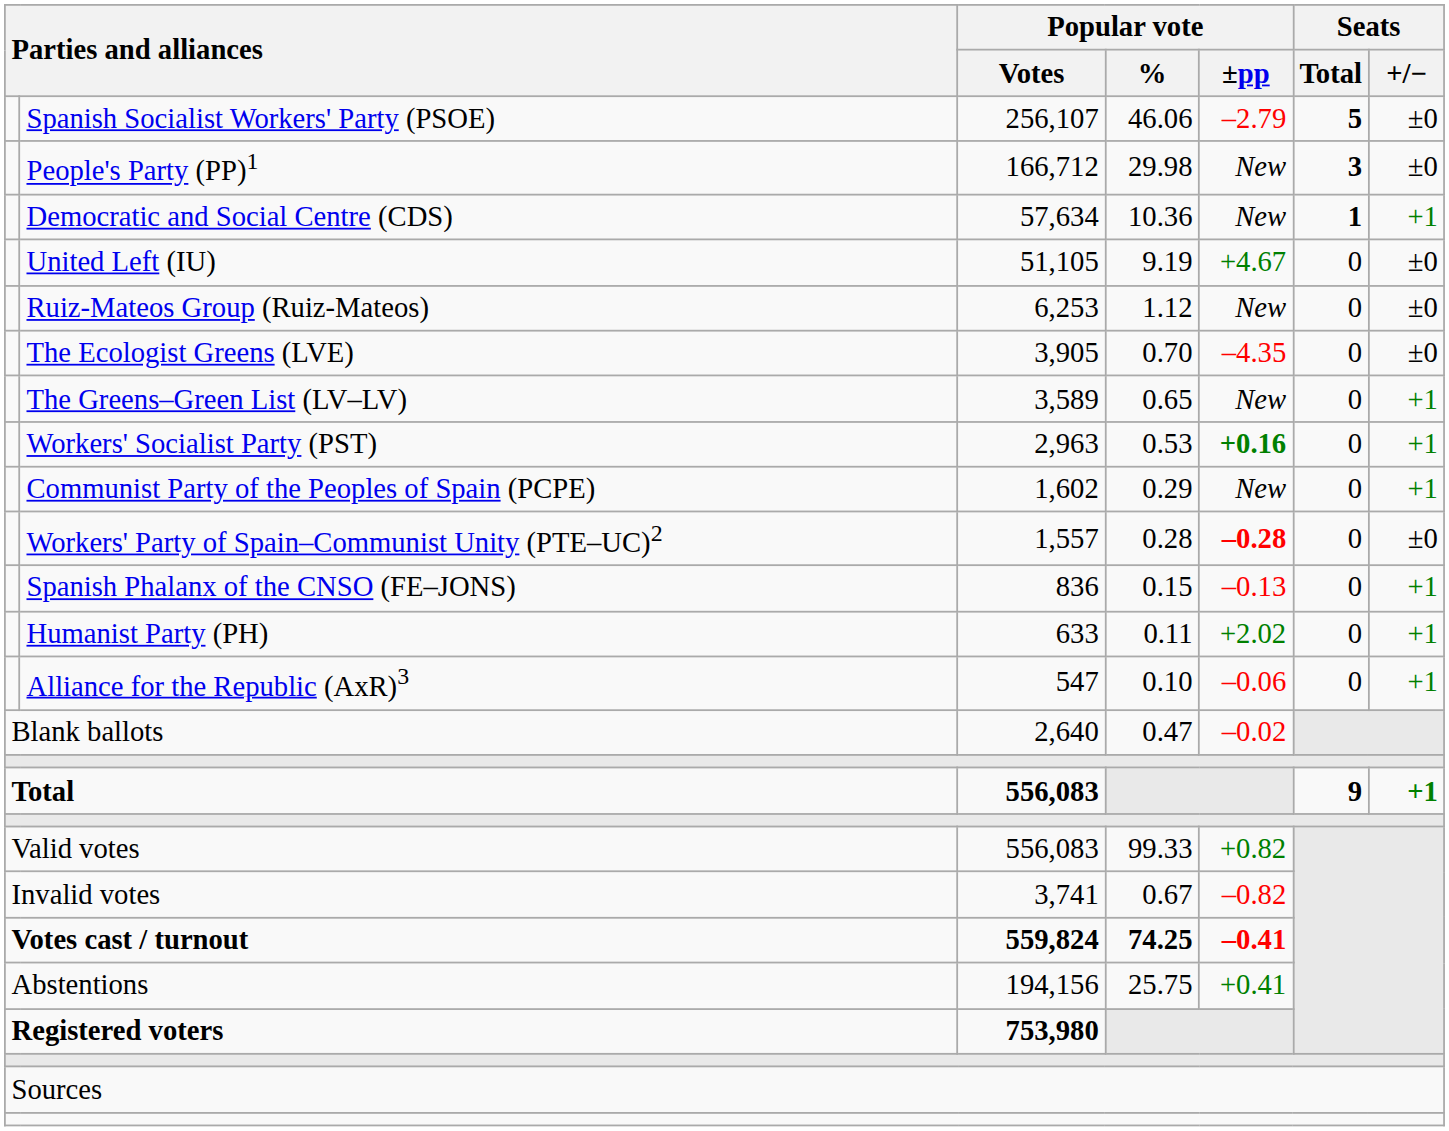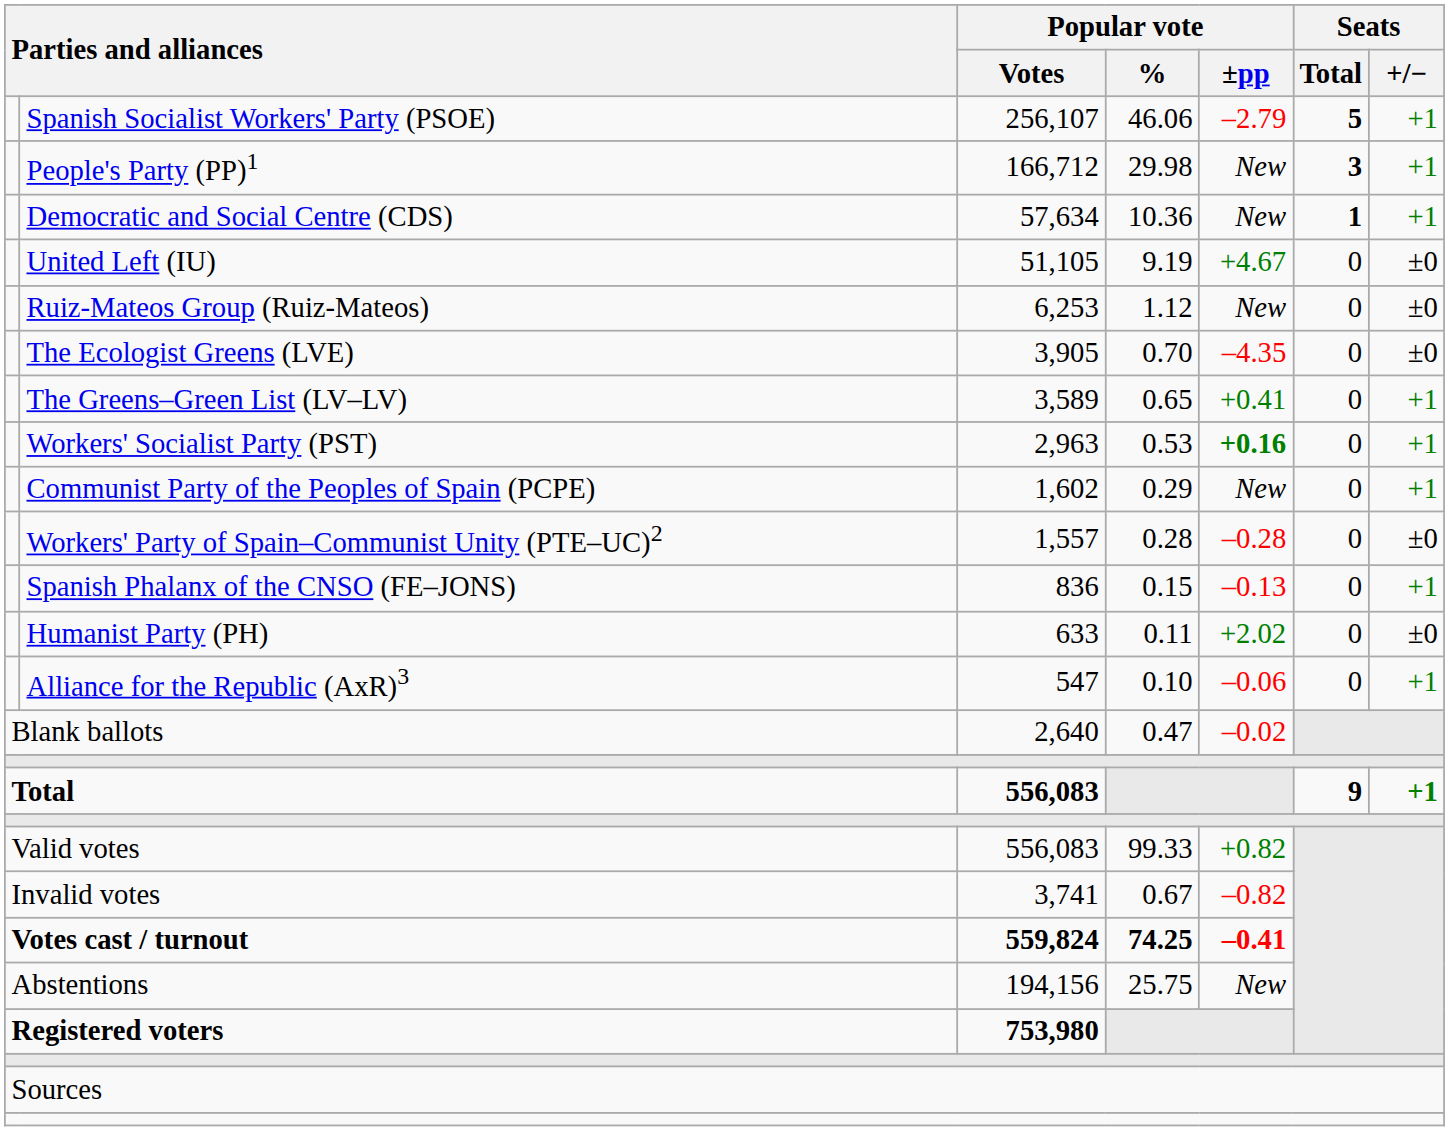 <table class="wikitable" style="text-align:right;">
 <tr>
 <th style="text-align:left;" rowspan="2" colspan="2" width="525">Parties and alliances</th>
 <th colspan="3">Popular vote</th>
 <th colspan="2">Seats</th>
 </tr>
 <tr>
 <th width="75">Votes</th>
 <th width="45">%</th>
 <th width="45">±<a href='#'>pp</a></th>
 <th width="35">Total</th>
 <th width="35">+/−</th>
 </tr>
 <tr>
 <td width="1" style="color:inherit;background:"></td>
 <td align="left"><a href='#'>Spanish Socialist Workers' Party</a> (PSOE)</td>
 <td>256,107</td>
 <td>46.06</td>
 <td style="color:red;">–2.79</td>
 <td><strong>5</strong></td>
-<td>±0</td>
+<td style="color:green;">+1</td>
 </tr>
 <tr>
 <td style="color:inherit;background:"></td>
 <td align="left"><a href='#'>People's Party</a> (PP)<sup>1</sup></td>
 <td>166,712</td>
 <td>29.98</td>
 <td><em>New</em></td>
 <td><strong>3</strong></td>
-<td>±0</td>
+<td style="color:green;">+1</td>
 </tr>
 <tr>
 <td style="color:inherit;background:"></td>
 <td align="left"><a href='#'>Democratic and Social Centre</a> (CDS)</td>
 <td>57,634</td>
 <td>10.36</td>
 <td><em>New</em></td>
 <td><strong>1</strong></td>
 <td style="color:green;">+1</td>
 </tr>
 <tr>
 <td style="color:inherit;background:"></td>
 <td align="left"><a href='#'>United Left</a> (IU)</td>
 <td>51,105</td>
 <td>9.19</td>
 <td style="color:green;">+4.67</td>
 <td>0</td>
 <td>±0</td>
 </tr>
 <tr>
 <td style="color:inherit;background:"></td>
 <td align="left"><a href='#'>Ruiz-Mateos Group</a> (Ruiz-Mateos)</td>
 <td>6,253</td>
 <td>1.12</td>
 <td><em>New</em></td>
 <td>0</td>
 <td>±0</td>
 </tr>
 <tr>
 <td style="color:inherit;background:"></td>
 <td align="left"><a href='#'>The Ecologist Greens</a> (LVE)</td>
 <td>3,905</td>
 <td>0.70</td>
 <td style="color:red;">–4.35</td>
 <td>0</td>
 <td>±0</td>
 </tr>
 <tr>
 <td style="color:inherit;background:"></td>
 <td align="left"><a href='#'>The Greens–Green List</a> (LV–LV)</td>
 <td>3,589</td>
 <td>0.65</td>
-<td><em>New</em></td>
+<td style="color:green;">+0.41</td>
 <td>0</td>
 <td style="color:green;">+1</td>
 </tr>
 <tr>
 <td style="color:inherit;background:"></td>
 <td align="left"><a href='#'>Workers' Socialist Party</a> (PST)</td>
 <td>2,963</td>
 <td>0.53</td>
 <td style="color:green;"><strong>+0.16</strong></td>
 <td>0</td>
 <td style="color:green;">+1</td>
 </tr>
 <tr>
 <td style="color:inherit;background:"></td>
 <td align="left"><a href='#'>Communist Party of the Peoples of Spain</a> (PCPE)</td>
 <td>1,602</td>
 <td>0.29</td>
 <td><em>New</em></td>
 <td>0</td>
 <td style="color:green;">+1</td>
 </tr>
 <tr>
 <td style="color:inherit;background:"></td>
 <td align="left"><a href='#'>Workers' Party of Spain–Communist Unity</a> (PTE–UC)<sup>2</sup></td>
 <td>1,557</td>
 <td>0.28</td>
-<td style="color:red;"><strong>–0.28</strong></td>
+<td style="color:red;">–0.28</td>
 <td>0</td>
 <td>±0</td>
 </tr>
 <tr>
 <td style="color:inherit;background:"></td>
 <td align="left"><a href='#'>Spanish Phalanx of the CNSO</a> (FE–JONS)</td>
 <td>836</td>
 <td>0.15</td>
 <td style="color:red;">–0.13</td>
 <td>0</td>
 <td style="color:green;">+1</td>
 </tr>
 <tr>
 <td style="color:inherit;background:"></td>
 <td align="left"><a href='#'>Humanist Party</a> (PH)</td>
 <td>633</td>
 <td>0.11</td>
 <td style="color:green;">+2.02</td>
 <td>0</td>
-<td style="color:green;">+1</td>
+<td>±0</td>
 </tr>
 <tr>
 <td style="color:inherit;background:"></td>
 <td align="left"><a href='#'>Alliance for the Republic</a> (AxR)<sup>3</sup></td>
 <td>547</td>
 <td>0.10</td>
 <td style="color:red;">–0.06</td>
 <td>0</td>
 <td style="color:green;">+1</td>
 </tr>
 <tr>
 <td align="left" colspan="2">Blank ballots</td>
 <td>2,640</td>
 <td>0.47</td>
 <td style="color:red;">–0.02</td>
 <td bgcolor="#E9E9E9" colspan="2"></td>
 </tr>
 <tr>
 <td colspan="7" bgcolor="#E9E9E9"></td>
 </tr>
 <tr style="font-weight:bold;">
 <td align="left" colspan="2">Total</td>
 <td>556,083</td>
 <td bgcolor="#E9E9E9" colspan="2"></td>
 <td>9</td>
 <td style="color:green;">+1</td>
 </tr>
 <tr>
 <td colspan="7" bgcolor="#E9E9E9"></td>
 </tr>
 <tr>
 <td align="left" colspan="2">Valid votes</td>
 <td>556,083</td>
 <td>99.33</td>
 <td style="color:green;">+0.82</td>
 <td bgcolor="#E9E9E9" colspan="2" rowspan="5"></td>
 </tr>
 <tr>
 <td align="left" colspan="2">Invalid votes</td>
 <td>3,741</td>
 <td>0.67</td>
 <td style="color:red;">–0.82</td>
 </tr>
 <tr style="font-weight:bold;">
 <td align="left" colspan="2">Votes cast / turnout</td>
 <td>559,824</td>
 <td>74.25</td>
 <td style="color:red;">–0.41</td>
 </tr>
 <tr>
 <td align="left" colspan="2">Abstentions</td>
 <td>194,156</td>
 <td>25.75</td>
-<td style="color:green;">+0.41</td>
+<td><em>New</em></td>
 </tr>
 <tr style="font-weight:bold;">
 <td align="left" colspan="2">Registered voters</td>
 <td>753,980</td>
 <td bgcolor="#E9E9E9" colspan="2"></td>
 </tr>
 <tr>
 <td colspan="7" bgcolor="#E9E9E9"></td>
 </tr>
 <tr>
 <td align="left" colspan="7">Sources</td>
 </tr>
 <tr>
 <td colspan="7" style="text-align:left; max-width:790px;"></td>
 </tr>
 </table>
